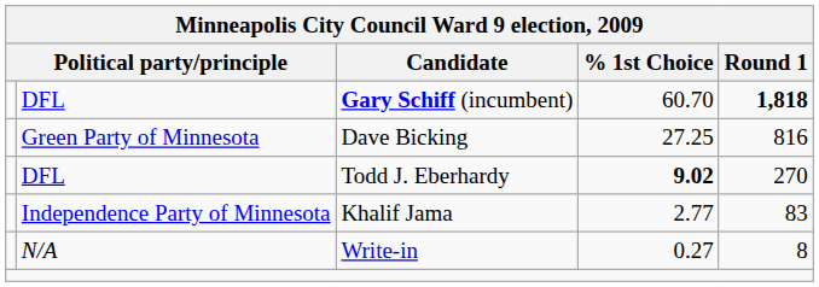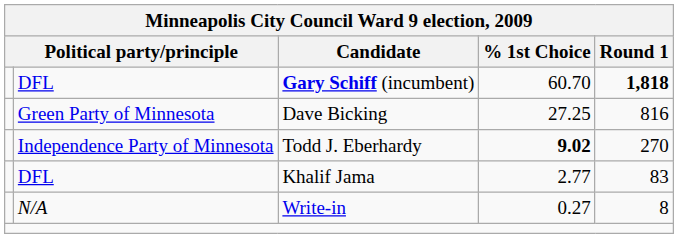 <table class="wikitable" style="font-size:95%">
 <tr>
 <th colspan="5">Minneapolis City Council Ward 9 election, 2009</th>
 </tr>
 <tr>
 <th colspan="2">Political party/principle</th>
 <th>Candidate</th>
 <th>% 1st Choice</th>
 <th>Round 1</th>
 </tr>
 <tr>
 <td style="background-color:"></td>
 <td><a href='#'>DFL</a></td>
 <td><strong><a href='#'>Gary Schiff</a></strong> (incumbent)</td>
 <td align="right">60.70</td>
 <td align="right"><strong>1,818</strong></td>
 </tr>
 <tr>
 <td style="background-color:"></td>
 <td><a href='#'>Green Party of Minnesota</a></td>
 <td>Dave Bicking</td>
 <td align="right">27.25</td>
 <td align="right">816</td>
 </tr>
 <tr>
 <td style="background-color:"></td>
-<td><a href='#'>DFL</a></td>
+<td><a href='#'>Independence Party of Minnesota</a></td>
 <td>Todd J. Eberhardy</td>
 <td align="right"><strong>9.02</strong></td>
 <td align="right">270</td>
 </tr>
 <tr>
 <td style="background-color:"></td>
-<td><a href='#'>Independence Party of Minnesota</a></td>
+<td><a href='#'>DFL</a></td>
 <td>Khalif Jama</td>
 <td align="right">2.77</td>
 <td align="right">83</td>
 </tr>
 <tr>
 <td style="background-color:"></td>
 <td><em>N/A</em></td>
 <td><a href='#'>Write-in</a></td>
 <td align="right">0.27</td>
 <td align="right">8</td>
 </tr>
 <tr>
 <td colspan="5"></td>
 </tr>
 </table>
